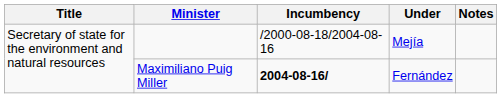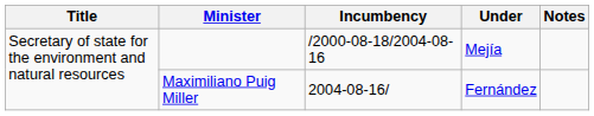 <table class="wikitable" style="width:100%;">
 <tr>
 <th>Title</th>
 <th style="width:25%;"><a href='#'>Minister</a></th>
 <th style="width:160px;">Incumbency</th>
 <th style="width:10%;">Under</th>
 <th style="width:7%;">Notes</th>
 </tr>
 <tr>
 <td rowspan="2" style="vertical-align:top;">Secretary of state for the environment and natural resources</td>
 <td></td>
 <td>/2000-08-18/2004-08-16</td>
 <td><a href='#'>Mejía</a></td>
 <td></td>
 </tr>
 <tr>
 <td><a href='#'>Maximiliano Puig Miller</a></td>
-<td><strong>2004-08-16/</strong></td>
+<td>2004-08-16/</td>
 <td><a href='#'>Fernández</a></td>
 <td></td>
 </tr>
 </table>
